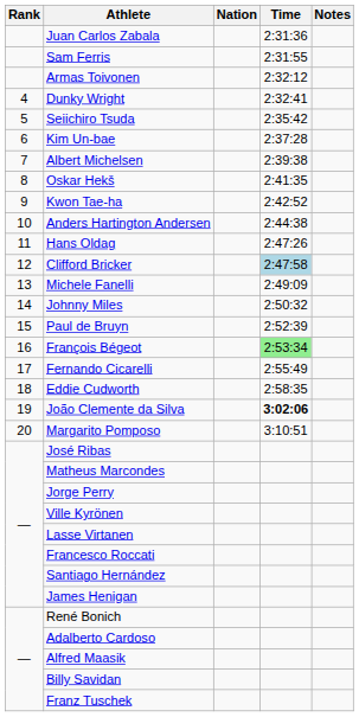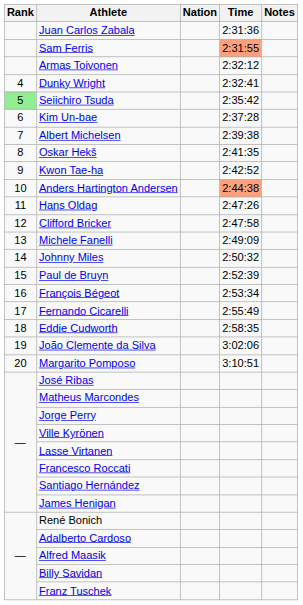 <table class="wikitable sortable" style="text-align:center">
 <tr>
 <th>Rank</th>
 <th>Athlete</th>
 <th>Nation</th>
 <th>Time</th>
 <th>Notes</th>
 </tr>
 <tr>
 <td></td>
 <td align=left><a href='#'>Juan Carlos Zabala</a></td>
 <td align=left></td>
 <td>2:31:36</td>
 <td></td>
 </tr>
 <tr>
 <td></td>
 <td align=left><a href='#'>Sam Ferris</a></td>
 <td align=left></td>
-<td>2:31:55</td>
+<td style="background: lightsalmon;">2:31:55</td>
 <td></td>
 </tr>
 <tr>
 <td></td>
 <td align=left><a href='#'>Armas Toivonen</a></td>
 <td align=left></td>
 <td>2:32:12</td>
 <td></td>
 </tr>
 <tr>
 <td>4</td>
 <td align=left><a href='#'>Dunky Wright</a></td>
 <td align=left></td>
 <td>2:32:41</td>
 <td></td>
 </tr>
 <tr>
-<td>5</td>
+<td style="background: lightgreen;">5</td>
 <td align=left><a href='#'>Seiichiro Tsuda</a></td>
 <td align=left></td>
 <td>2:35:42</td>
 <td></td>
 </tr>
 <tr>
 <td>6</td>
 <td align=left><a href='#'>Kim Un-bae</a></td>
 <td align=left></td>
 <td>2:37:28</td>
 <td></td>
 </tr>
 <tr>
 <td>7</td>
 <td align=left><a href='#'>Albert Michelsen</a></td>
 <td align=left></td>
 <td>2:39:38</td>
 <td></td>
 </tr>
 <tr>
 <td>8</td>
 <td align=left><a href='#'>Oskar Hekš</a></td>
 <td align=left></td>
 <td>2:41:35</td>
 <td></td>
 </tr>
 <tr>
 <td>9</td>
 <td align=left><a href='#'>Kwon Tae-ha</a></td>
 <td align=left></td>
 <td>2:42:52</td>
 <td></td>
 </tr>
 <tr>
 <td>10</td>
 <td align=left><a href='#'>Anders Hartington Andersen</a></td>
 <td align=left></td>
-<td>2:44:38</td>
+<td style="background: lightsalmon;">2:44:38</td>
 <td></td>
 </tr>
 <tr>
 <td>11</td>
 <td align=left><a href='#'>Hans Oldag</a></td>
 <td align=left></td>
 <td>2:47:26</td>
 <td></td>
 </tr>
 <tr>
 <td>12</td>
 <td align=left><a href='#'>Clifford Bricker</a></td>
 <td align=left></td>
-<td style="background: lightblue;">2:47:58</td>
+<td>2:47:58</td>
 <td></td>
 </tr>
 <tr>
 <td>13</td>
 <td align=left><a href='#'>Michele Fanelli</a></td>
 <td align=left></td>
 <td>2:49:09</td>
 <td></td>
 </tr>
 <tr>
 <td>14</td>
 <td align=left><a href='#'>Johnny Miles</a></td>
 <td align=left></td>
 <td>2:50:32</td>
 <td></td>
 </tr>
 <tr>
 <td>15</td>
 <td align=left><a href='#'>Paul de Bruyn</a></td>
 <td align=left></td>
 <td>2:52:39</td>
 <td></td>
 </tr>
 <tr>
 <td>16</td>
 <td align=left><a href='#'>François Bégeot</a></td>
 <td align=left></td>
-<td style="background: lightgreen;">2:53:34</td>
+<td>2:53:34</td>
 <td></td>
 </tr>
 <tr>
 <td>17</td>
 <td align=left><a href='#'>Fernando Cicarelli</a></td>
 <td align=left></td>
 <td>2:55:49</td>
 <td></td>
 </tr>
 <tr>
 <td>18</td>
 <td align=left><a href='#'>Eddie Cudworth</a></td>
 <td align=left></td>
 <td>2:58:35</td>
 <td></td>
 </tr>
 <tr>
 <td>19</td>
 <td align=left><a href='#'>João Clemente da Silva</a></td>
 <td align=left></td>
-<td><strong>3:02:06</strong></td>
+<td>3:02:06</td>
 <td></td>
 </tr>
 <tr>
 <td>20</td>
 <td align=left><a href='#'>Margarito Pomposo</a></td>
 <td align=left></td>
 <td>3:10:51</td>
 <td></td>
 </tr>
 <tr>
 <td rowspan=8 data-sort-value=21>—</td>
 <td align=left><a href='#'>José Ribas</a></td>
 <td align=left></td>
 <td data-sort-value=4:00:00></td>
 <td></td>
 </tr>
 <tr>
 <td align=left><a href='#'>Matheus Marcondes</a></td>
 <td align=left></td>
 <td data-sort-value=4:00:00></td>
 <td></td>
 </tr>
 <tr>
 <td align=left><a href='#'>Jorge Perry</a></td>
 <td align=left></td>
 <td data-sort-value=4:00:00></td>
 <td></td>
 </tr>
 <tr>
 <td align=left><a href='#'>Ville Kyrönen</a></td>
 <td align=left></td>
 <td data-sort-value=4:00:00></td>
 <td></td>
 </tr>
 <tr>
 <td align=left><a href='#'>Lasse Virtanen</a></td>
 <td align=left></td>
 <td data-sort-value=4:00:00></td>
 <td></td>
 </tr>
 <tr>
 <td align=left><a href='#'>Francesco Roccati</a></td>
 <td align=left></td>
 <td data-sort-value=4:00:00></td>
 <td></td>
 </tr>
 <tr>
 <td align=left><a href='#'>Santiago Hernández</a></td>
 <td align=left></td>
 <td data-sort-value=4:00:00></td>
 <td></td>
 </tr>
 <tr>
 <td align=left><a href='#'>James Henigan</a></td>
 <td align=left></td>
 <td data-sort-value=4:00:00></td>
 <td></td>
 </tr>
 <tr>
 <td rowspan=5 data-sort-value=29>—</td>
 <td align=left>René Bonich</td>
 <td align=left></td>
 <td data-sort-value=9:99:99></td>
 <td></td>
 </tr>
 <tr>
 <td align=left><a href='#'>Adalberto Cardoso</a></td>
 <td align=left></td>
 <td data-sort-value=9:99:99></td>
 <td></td>
 </tr>
 <tr>
 <td align=left><a href='#'>Alfred Maasik</a></td>
 <td align=left></td>
 <td data-sort-value=9:99:99></td>
 <td></td>
 </tr>
 <tr>
 <td align=left><a href='#'>Billy Savidan</a></td>
 <td align=left></td>
 <td data-sort-value=9:99:99></td>
 <td></td>
 </tr>
 <tr>
 <td align=left><a href='#'>Franz Tuschek</a></td>
 <td align=left></td>
 <td data-sort-value=9:99:99></td>
 <td></td>
 </tr>
 </table>
